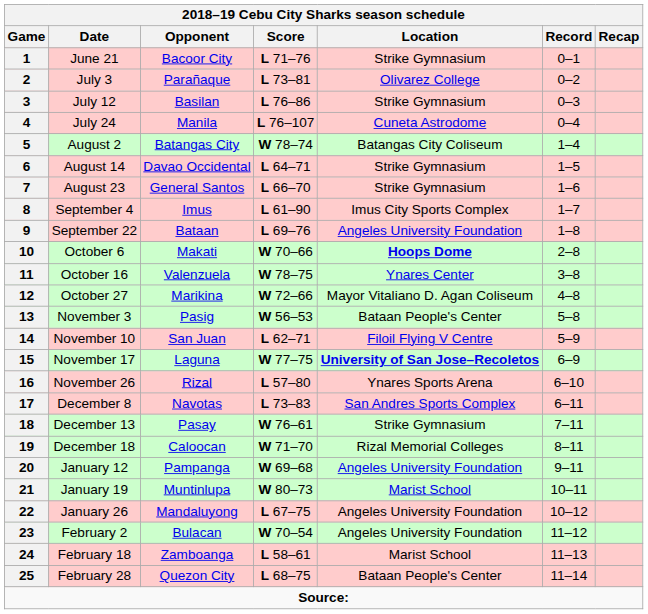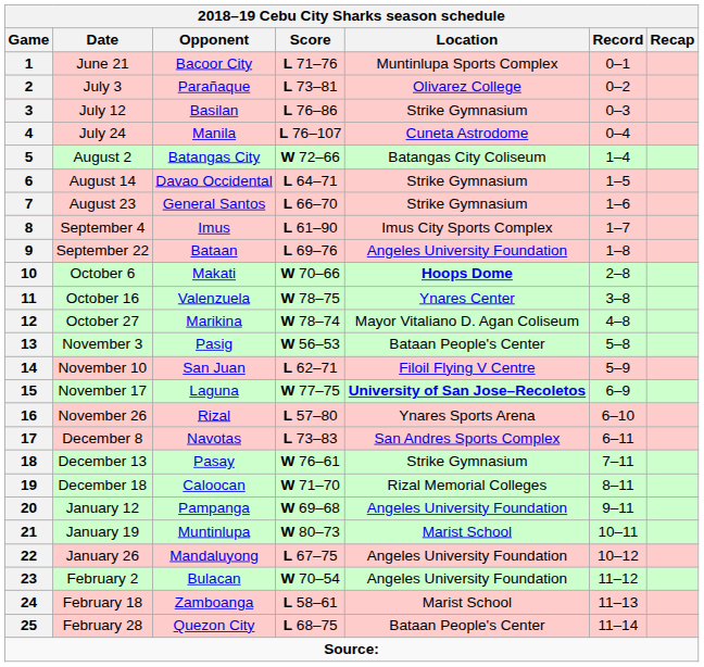 <table class="wikitable" style="text-align:center">
 <tr>
 <th colspan=7>2018–19 Cebu City Sharks season schedule</th>
 </tr>
 <tr>
 <th>Game</th>
 <th>Date</th>
 <th>Opponent</th>
 <th>Score</th>
 <th>Location</th>
 <th>Record</th>
 <th>Recap<br></th>
 </tr>
 <tr style="background:#fcc">
 <th>1</th>
 <td>June 21</td>
 <td><a href='#'>Bacoor City</a></td>
 <td><strong>L</strong> 71–76</td>
-<td>Strike Gymnasium</td>
+<td>Muntinlupa Sports Complex</td>
 <td>0–1</td>
 <td></td>
 </tr>
 <tr style="background:#fcc">
 <th>2</th>
 <td>July 3</td>
 <td><a href='#'>Parañaque</a></td>
 <td><strong>L</strong> 73–81</td>
 <td><a href='#'>Olivarez College</a></td>
 <td>0–2</td>
 <td></td>
 </tr>
 <tr style="background:#fcc">
 <th>3</th>
 <td>July 12</td>
 <td><a href='#'>Basilan</a></td>
 <td><strong>L</strong> 76–86</td>
 <td>Strike Gymnasium</td>
 <td>0–3</td>
 <td></td>
 </tr>
 <tr style="background:#fcc">
 <th>4</th>
 <td>July 24</td>
 <td><a href='#'>Manila</a></td>
 <td><strong>L</strong> 76–107</td>
 <td><a href='#'>Cuneta Astrodome</a></td>
 <td>0–4</td>
 <td></td>
 </tr>
 <tr style="background:#cfc">
 <th>5</th>
 <td>August 2</td>
 <td><a href='#'>Batangas City</a></td>
-<td><strong>W</strong> 78–74</td>
+<td><strong>W</strong> 72–66</td>
 <td>Batangas City Coliseum</td>
 <td>1–4</td>
 <td></td>
 </tr>
 <tr style="background:#fcc">
 <th>6</th>
 <td>August 14</td>
 <td><a href='#'>Davao Occidental</a></td>
 <td><strong>L</strong> 64–71</td>
 <td>Strike Gymnasium</td>
 <td>1–5</td>
 <td></td>
 </tr>
 <tr style="background:#fcc">
 <th>7</th>
 <td>August 23</td>
 <td><a href='#'>General Santos</a></td>
 <td><strong>L</strong> 66–70</td>
 <td>Strike Gymnasium</td>
 <td>1–6</td>
 <td></td>
 </tr>
 <tr style="background:#fcc">
 <th>8</th>
 <td>September 4</td>
 <td><a href='#'>Imus</a></td>
 <td><strong>L</strong> 61–90</td>
 <td>Imus City Sports Complex</td>
 <td>1–7</td>
 <td></td>
 </tr>
 <tr style="background:#fcc">
 <th>9</th>
 <td>September 22</td>
 <td><a href='#'>Bataan</a></td>
 <td><strong>L</strong> 69–76</td>
 <td><a href='#'>Angeles University Foundation</a></td>
 <td>1–8</td>
 <td><br></td>
 </tr>
 <tr style="background:#cfc">
 <th>10</th>
 <td>October 6</td>
 <td><a href='#'>Makati</a></td>
 <td><strong>W</strong> 70–66</td>
 <td><strong><a href='#'>Hoops Dome</a></strong></td>
 <td>2–8</td>
 <td></td>
 </tr>
 <tr style="background:#cfc">
 <th>11</th>
 <td>October 16</td>
 <td><a href='#'>Valenzuela</a></td>
 <td><strong>W</strong> 78–75</td>
 <td><a href='#'>Ynares Center</a></td>
 <td>3–8</td>
 <td></td>
 </tr>
 <tr style="background:#cfc">
 <th>12</th>
 <td>October 27</td>
 <td><a href='#'>Marikina</a></td>
-<td><strong>W</strong> 72–66</td>
+<td><strong>W</strong> 78–74</td>
 <td>Mayor Vitaliano D. Agan Coliseum</td>
 <td>4–8</td>
 <td></td>
 </tr>
 <tr style="background:#cfc">
 <th>13</th>
 <td>November 3</td>
 <td><a href='#'>Pasig</a></td>
 <td><strong>W</strong> 56–53</td>
 <td>Bataan People's Center</td>
 <td>5–8</td>
 <td></td>
 </tr>
 <tr style="background:#fcc">
 <th>14</th>
 <td>November 10</td>
 <td><a href='#'>San Juan</a></td>
 <td><strong>L</strong> 62–71</td>
 <td><a href='#'>Filoil Flying V Centre</a></td>
 <td>5–9</td>
 <td></td>
 </tr>
 <tr style="background:#cfc">
 <th>15</th>
 <td>November 17</td>
 <td><a href='#'>Laguna</a></td>
 <td><strong>W</strong> 77–75 </td>
 <td><strong><a href='#'>University of San Jose–Recoletos</a></strong></td>
 <td>6–9</td>
 <td></td>
 </tr>
 <tr style="background:#fcc">
 <th>16</th>
 <td>November 26</td>
 <td><a href='#'>Rizal</a></td>
 <td><strong>L</strong> 57–80</td>
 <td>Ynares Sports Arena</td>
 <td>6–10</td>
 <td></td>
 </tr>
 <tr style="background:#fcc">
 <th>17</th>
 <td>December 8</td>
 <td><a href='#'>Navotas</a></td>
 <td><strong>L</strong> 73–83</td>
 <td><a href='#'>San Andres Sports Complex</a></td>
 <td>6–11</td>
 <td></td>
 </tr>
 <tr style="background:#cfc">
 <th>18</th>
 <td>December 13</td>
 <td><a href='#'>Pasay</a></td>
 <td><strong>W</strong> 76–61</td>
 <td>Strike Gymnasium</td>
 <td>7–11</td>
 <td></td>
 </tr>
 <tr style="background:#cfc">
 <th>19</th>
 <td>December 18</td>
 <td><a href='#'>Caloocan</a></td>
 <td><strong>W</strong> 71–70</td>
 <td>Rizal Memorial Colleges</td>
 <td>8–11</td>
 <td><br></td>
 </tr>
 <tr style="background:#cfc">
 <th>20</th>
 <td>January 12</td>
 <td><a href='#'>Pampanga</a></td>
 <td><strong>W</strong> 69–68</td>
 <td><a href='#'>Angeles University Foundation</a></td>
 <td>9–11</td>
 <td></td>
 </tr>
 <tr style="background:#cfc">
 <th>21</th>
 <td>January 19</td>
 <td><a href='#'>Muntinlupa</a></td>
 <td><strong>W</strong> 80–73</td>
 <td><a href='#'>Marist School</a></td>
 <td>10–11</td>
 <td></td>
 </tr>
 <tr style="background:#fcc">
 <th>22</th>
 <td>January 26</td>
 <td><a href='#'>Mandaluyong</a></td>
 <td><strong>L</strong> 67–75</td>
 <td>Angeles University Foundation</td>
 <td>10–12</td>
 <td></td>
 </tr>
 <tr style="background:#cfc">
 <th>23</th>
 <td>February 2</td>
 <td><a href='#'>Bulacan</a></td>
 <td><strong>W</strong> 70–54</td>
 <td>Angeles University Foundation</td>
 <td>11–12</td>
 <td></td>
 </tr>
 <tr style="background:#fcc">
 <th>24</th>
 <td>February 18</td>
 <td><a href='#'>Zamboanga</a></td>
 <td><strong>L</strong> 58–61</td>
 <td>Marist School</td>
 <td>11–13</td>
 <td></td>
 </tr>
 <tr style="background:#fcc">
 <th>25</th>
 <td>February 28</td>
 <td><a href='#'>Quezon City</a></td>
 <td><strong>L</strong> 68–75</td>
 <td>Bataan People's Center</td>
 <td>11–14</td>
 <td></td>
 </tr>
 <tr>
 <td colspan=7 align=center><strong>Source: </strong></td>
 </tr>
 </table>
